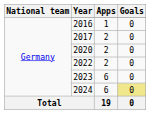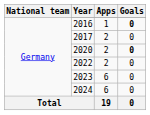 <table class="wikitable" style="text-align:center">
 <tr>
 <th>National team</th>
 <th>Year</th>
 <th>Apps</th>
 <th>Goals</th>
 </tr>
 <tr>
 <td rowspan="7"><a href='#'>Germany</a></td>
 </tr>
 <tr>
 <td>2016</td>
 <td>1</td>
-<td>0</td>
+<td><strong>0</strong></td>
 </tr>
 <tr>
 <td>2017</td>
 <td>2</td>
 <td>0</td>
 </tr>
 <tr>
 <td>2020</td>
 <td>2</td>
-<td>0</td>
+<td><strong>0</strong></td>
 </tr>
 <tr>
 <td>2022</td>
 <td>2</td>
 <td>0</td>
 </tr>
 <tr>
 <td>2023</td>
 <td>6</td>
 <td>0</td>
 </tr>
 <tr>
 <td>2024</td>
 <td>6</td>
-<td style="background: khaki;">0</td>
+<td>0</td>
 </tr>
 <tr>
 <th colspan="2">Total</th>
 <th>19</th>
 <th>0</th>
 </tr>
 </table>
